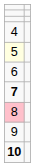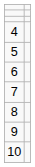 <table class="wikitable">
 <tr>
 <td align=center></td>
 <td></td>
 </tr>
 <tr>
 <td align=center></td>
 <td></td>
 </tr>
 <tr>
 <td align=center></td>
 <td></td>
 </tr>
 <tr>
 <td align=center>4</td>
 <td></td>
 </tr>
 <tr>
-<td align=center style="background: lightyellow;">5</td>
+<td align=center>5</td>
 <td></td>
 </tr>
 <tr>
 <td align=center>6</td>
 <td></td>
 </tr>
 <tr>
-<td align=center><strong>7</strong></td>
+<td align=center>7</td>
 <td></td>
 </tr>
 <tr>
-<td align=center style="background: pink;">8</td>
+<td align=center>8</td>
 <td></td>
 </tr>
 <tr>
 <td align=center>9</td>
 <td></td>
 </tr>
 <tr>
-<td align=center><strong>10</strong></td>
+<td align=center>10</td>
 <td></td>
 </tr>
 </table>
